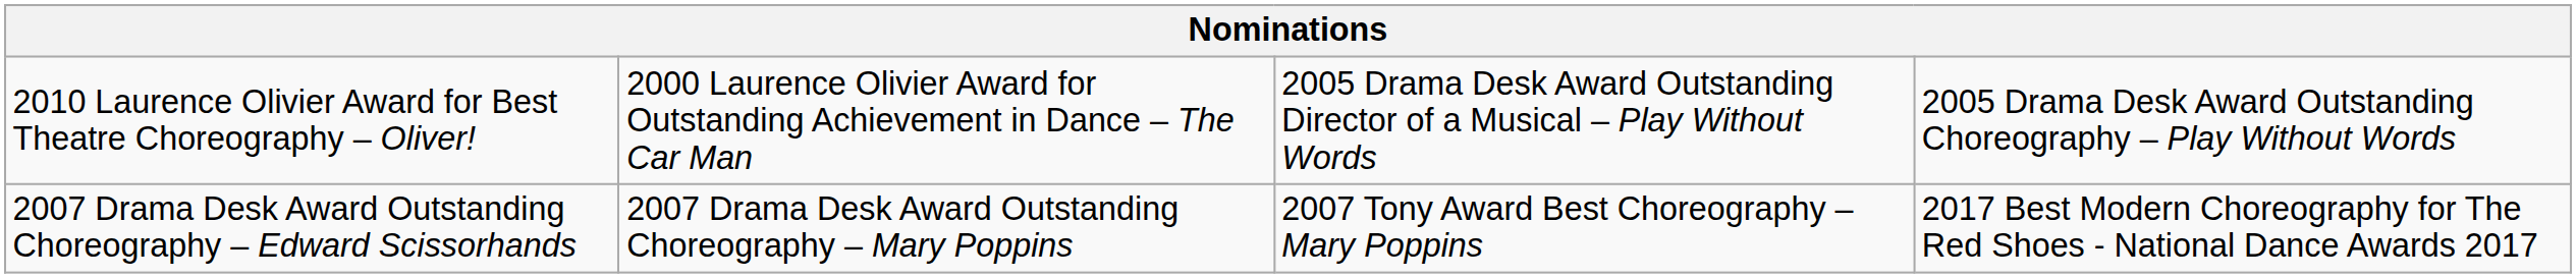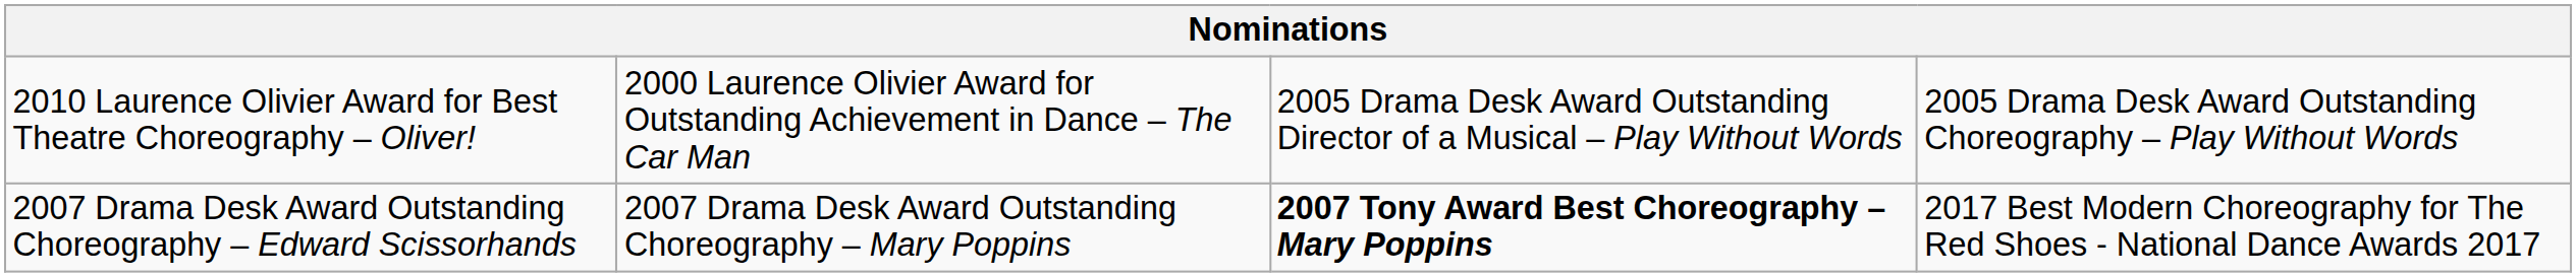 <table class="wikitable">
 <tr>
 <th colspan="4" style="text-align:center;">Nominations</th>
 </tr>
 <tr>
 <td>2010 Laurence Olivier Award for Best Theatre Choreography – <em>Oliver!</em></td>
 <td>2000 Laurence Olivier Award for Outstanding Achievement in Dance – <em>The Car Man</em></td>
 <td>2005 Drama Desk Award Outstanding Director of a Musical – <em>Play Without Words</em></td>
 <td>2005 Drama Desk Award Outstanding Choreography – <em>Play Without Words</em></td>
 </tr>
 <tr>
 <td>2007 Drama Desk Award Outstanding Choreography – <em>Edward Scissorhands</em></td>
 <td>2007 Drama Desk Award Outstanding Choreography – <em>Mary Poppins</em></td>
-<td>2007 Tony Award Best Choreography – <em>Mary Poppins</em></td>
+<td><strong>2007 Tony Award Best Choreography – <em>Mary Poppins</em></strong></td>
 <td>2017 Best Modern Choreography for The Red Shoes - National Dance Awards 2017</td>
 </tr>
 </table>
